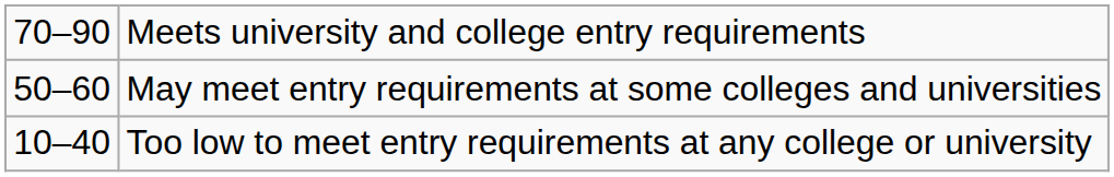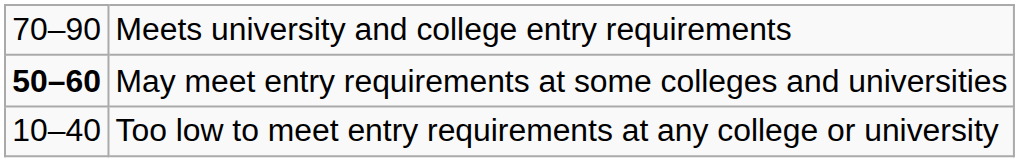 <table class="wikitable">
 <tr>
 <td>70–90</td>
 <td>Meets university and college entry requirements</td>
 </tr>
 <tr>
-<td>50–60</td>
+<td><strong>50–60</strong></td>
 <td>May meet entry requirements at some colleges and universities</td>
 </tr>
 <tr>
 <td>10–40</td>
 <td>Too low to meet entry requirements at any college or university</td>
 </tr>
 </table>
